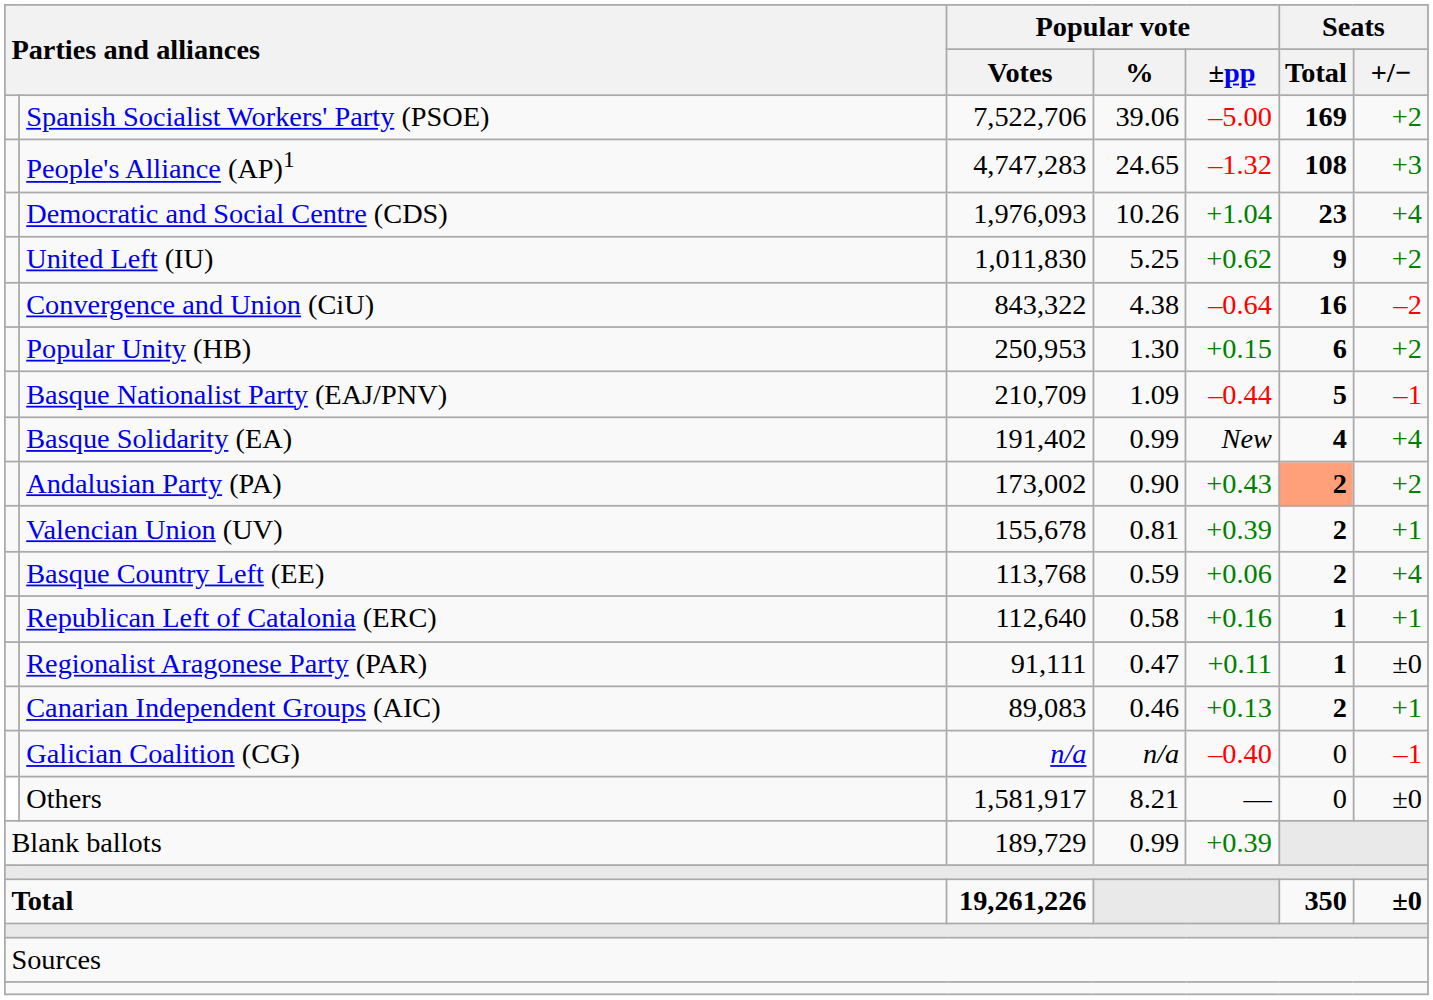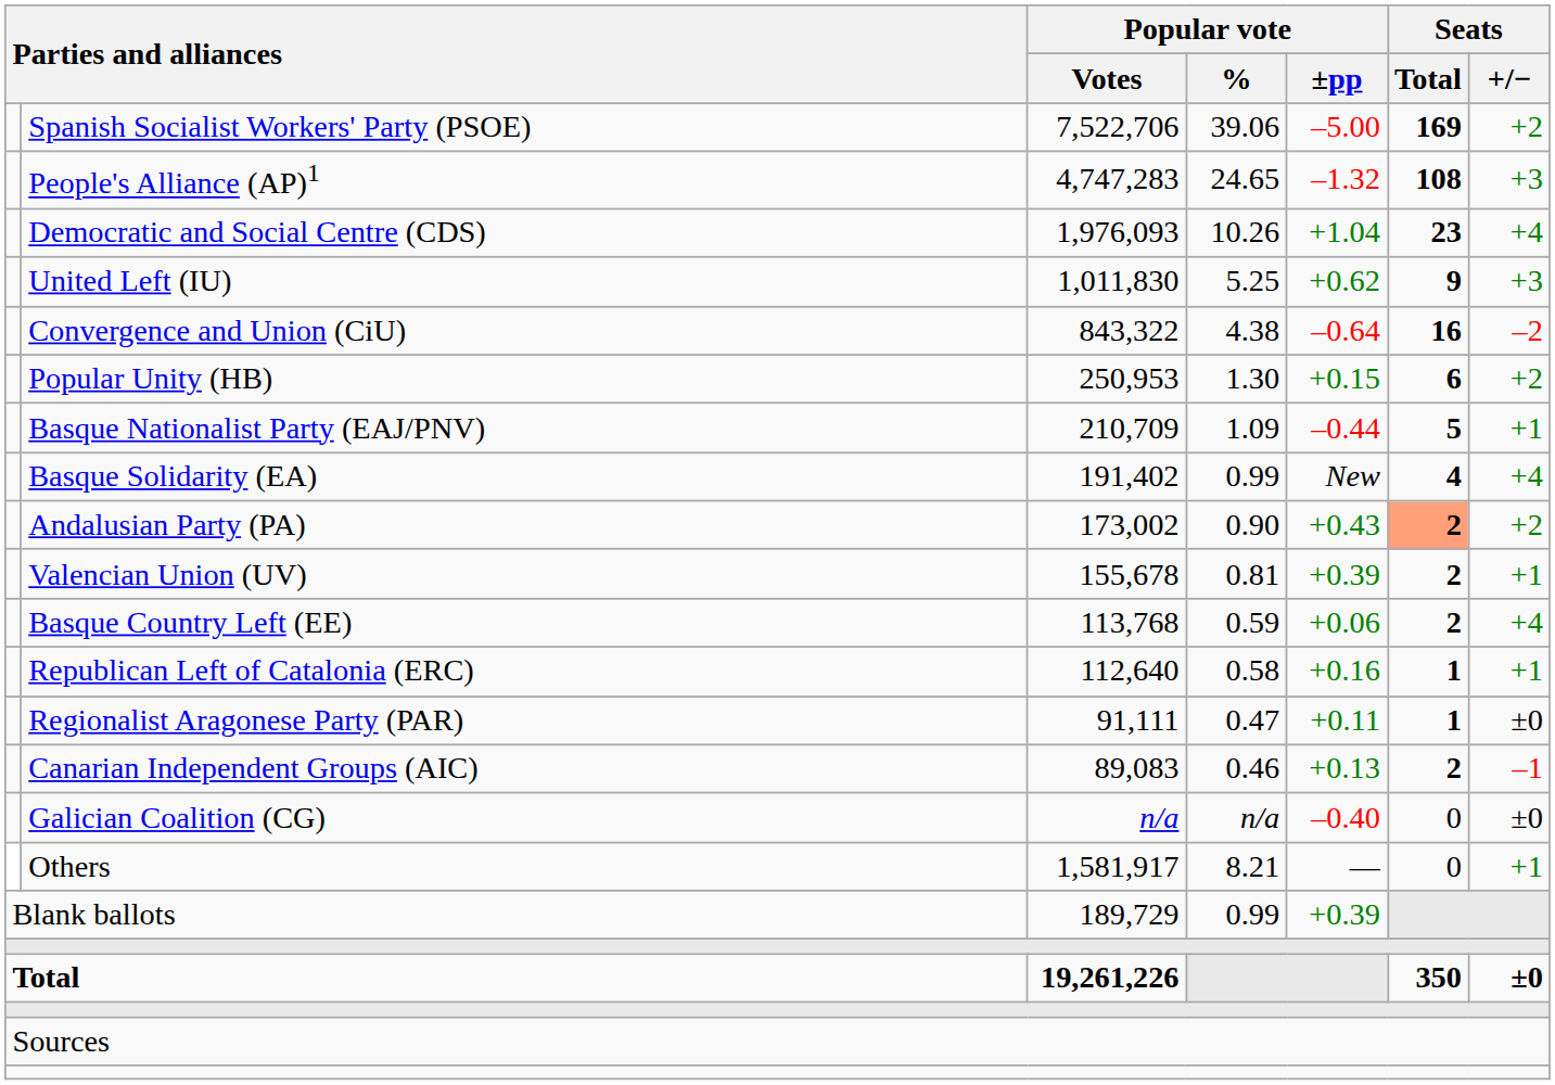 <table class="wikitable" style="text-align:right">
 <tr>
 <th style="text-align:left;" rowspan="2" colspan="2" width="525">Parties and alliances</th>
 <th colspan="3">Popular vote</th>
 <th colspan="2">Seats</th>
 </tr>
 <tr>
 <th width="75">Votes</th>
 <th width="45">%</th>
 <th width="45">±<a href='#'>pp</a></th>
 <th width="35">Total</th>
 <th width="35">+/−</th>
 </tr>
 <tr>
 <td width="1" style="color:inherit;background:"></td>
 <td align="left"><a href='#'>Spanish Socialist Workers' Party</a> (PSOE)</td>
 <td>7,522,706</td>
 <td>39.06</td>
 <td style="color:red;">–5.00</td>
 <td><strong>169</strong></td>
 <td style="color:green;">+2</td>
 </tr>
 <tr>
 <td style="color:inherit;background:"></td>
 <td align="left"><a href='#'>People's Alliance</a> (AP)<sup>1</sup></td>
 <td>4,747,283</td>
 <td>24.65</td>
 <td style="color:red;">–1.32</td>
 <td><strong>108</strong></td>
 <td style="color:green;">+3</td>
 </tr>
 <tr>
 <td style="color:inherit;background:"></td>
 <td align="left"><a href='#'>Democratic and Social Centre</a> (CDS)</td>
 <td>1,976,093</td>
 <td>10.26</td>
 <td style="color:green;">+1.04</td>
 <td><strong>23</strong></td>
 <td style="color:green;">+4</td>
 </tr>
 <tr>
 <td style="color:inherit;background:"></td>
 <td align="left"><a href='#'>United Left</a> (IU)</td>
 <td>1,011,830</td>
 <td>5.25</td>
 <td style="color:green;">+0.62</td>
 <td><strong>9</strong></td>
-<td style="color:green;">+2</td>
+<td style="color:green;">+3</td>
 </tr>
 <tr>
 <td style="color:inherit;background:"></td>
 <td align="left"><a href='#'>Convergence and Union</a> (CiU)</td>
 <td>843,322</td>
 <td>4.38</td>
 <td style="color:red;">–0.64</td>
 <td><strong>16</strong></td>
 <td style="color:red;">–2</td>
 </tr>
 <tr>
 <td style="color:inherit;background:"></td>
 <td align="left"><a href='#'>Popular Unity</a> (HB)</td>
 <td>250,953</td>
 <td>1.30</td>
 <td style="color:green;">+0.15</td>
 <td><strong>6</strong></td>
 <td style="color:green;">+2</td>
 </tr>
 <tr>
 <td style="color:inherit;background:"></td>
 <td align="left"><a href='#'>Basque Nationalist Party</a> (EAJ/PNV)</td>
 <td>210,709</td>
 <td>1.09</td>
 <td style="color:red;">–0.44</td>
 <td><strong>5</strong></td>
-<td style="color:red;">–1</td>
+<td style="color:green;">+1</td>
 </tr>
 <tr>
 <td style="color:inherit;background:"></td>
 <td align="left"><a href='#'>Basque Solidarity</a> (EA)</td>
 <td>191,402</td>
 <td>0.99</td>
 <td><em>New</em></td>
 <td><strong>4</strong></td>
 <td style="color:green;">+4</td>
 </tr>
 <tr>
 <td style="color:inherit;background:"></td>
 <td align="left"><a href='#'>Andalusian Party</a> (PA)</td>
 <td>173,002</td>
 <td>0.90</td>
 <td style="color:green;">+0.43</td>
 <td style="background: lightsalmon;"><strong>2</strong></td>
 <td style="color:green;">+2</td>
 </tr>
 <tr>
 <td style="color:inherit;background:"></td>
 <td align="left"><a href='#'>Valencian Union</a> (UV)</td>
 <td>155,678</td>
 <td>0.81</td>
 <td style="color:green;">+0.39</td>
 <td><strong>2</strong></td>
 <td style="color:green;">+1</td>
 </tr>
 <tr>
 <td style="color:inherit;background:"></td>
 <td align="left"><a href='#'>Basque Country Left</a> (EE)</td>
 <td>113,768</td>
 <td>0.59</td>
 <td style="color:green;">+0.06</td>
 <td><strong>2</strong></td>
 <td style="color:green;">+4</td>
 </tr>
 <tr>
 <td style="color:inherit;background:"></td>
 <td align="left"><a href='#'>Republican Left of Catalonia</a> (ERC)</td>
 <td>112,640</td>
 <td>0.58</td>
 <td style="color:green;">+0.16</td>
 <td><strong>1</strong></td>
 <td style="color:green;">+1</td>
 </tr>
 <tr>
 <td style="color:inherit;background:"></td>
 <td align="left"><a href='#'>Regionalist Aragonese Party</a> (PAR)</td>
 <td>91,111</td>
 <td>0.47</td>
 <td style="color:green;">+0.11</td>
 <td><strong>1</strong></td>
 <td>±0</td>
 </tr>
 <tr>
 <td style="color:inherit;background:"></td>
 <td align="left"><a href='#'>Canarian Independent Groups</a> (AIC)</td>
 <td>89,083</td>
 <td>0.46</td>
 <td style="color:green;">+0.13</td>
 <td><strong>2</strong></td>
-<td style="color:green;">+1</td>
+<td style="color:red;">–1</td>
 </tr>
 <tr>
 <td style="color:inherit;background:"></td>
 <td align="left"><a href='#'>Galician Coalition</a> (CG)</td>
 <td><em><a href='#'>n/a</a></em></td>
 <td><em>n/a</em></td>
 <td style="color:red;">–0.40</td>
 <td>0</td>
-<td style="color:red;">–1</td>
+<td>±0</td>
 </tr>
 <tr>
 <td bgcolor="white"></td>
 <td align="left">Others</td>
 <td>1,581,917</td>
 <td>8.21</td>
 <td>—</td>
 <td>0</td>
-<td>±0</td>
+<td style="color:green;">+1</td>
 </tr>
 <tr>
 <td align="left" colspan="2">Blank ballots</td>
 <td>189,729</td>
 <td>0.99</td>
 <td style="color:green;">+0.39</td>
 <td bgcolor="#E9E9E9" colspan="2"></td>
 </tr>
 <tr>
 <td colspan="7" bgcolor="#E9E9E9"></td>
 </tr>
 <tr style="font-weight:bold;">
 <td align="left" colspan="2">Total</td>
 <td>19,261,226</td>
 <td bgcolor="#E9E9E9" colspan="2"></td>
 <td>350</td>
 <td>±0</td>
 </tr>
 <tr>
 <td colspan="7" bgcolor="#E9E9E9"></td>
 </tr>
 <tr>
 <td align="left" colspan="7">Sources</td>
 </tr>
 <tr>
 <td colspan="7" style="text-align:left; max-width:790px;"></td>
 </tr>
 </table>
